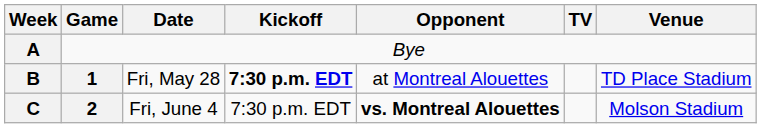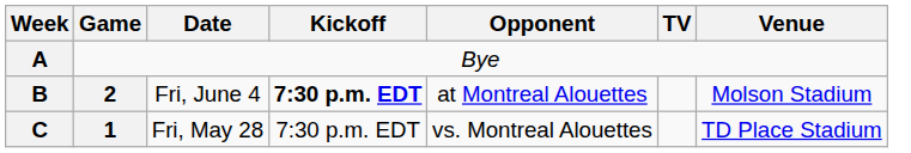 <table class="wikitable" style="font-size: 95%;">
 <tr>
 <th scope="col">Week</th>
 <th scope="col">Game</th>
 <th scope="col">Date</th>
 <th scope="col">Kickoff</th>
 <th scope="col">Opponent</th>
 <th scope="col">TV</th>
 <th scope="col">Venue</th>
 </tr>
 <tr style= bgcolor="ffffff">
 <th align="center">A</th>
 <td colspan=10 align="center" valign="middle"><em>Bye</em></td>
 </tr>
 <tr style= bgcolor="ffffff">
 <th align="center">B</th>
-<th align="center">1</th>
-<td align="center">Fri, May 28</td>
+<th align="center">2</th>
+<td align="center">Fri, June 4</td>
 <td align="center"><strong>7:30 p.m. <a href='#'>EDT</a></strong></td>
 <td align="center">at <a href='#'>Montreal Alouettes</a></td>
 <td align="center"></td>
-<td align="center"><a href='#'>TD Place Stadium</a></td>
+<td align="center"><a href='#'>Molson Stadium</a></td>
 </tr>
 <tr style= bgcolor="ffffff">
 <th align="center">C</th>
-<th align="center">2</th>
-<td align="center">Fri, June 4</td>
+<th align="center">1</th>
+<td align="center">Fri, May 28</td>
 <td align="center">7:30 p.m. EDT</td>
-<td align="center"><strong>vs. Montreal Alouettes</strong></td>
+<td align="center">vs. Montreal Alouettes</td>
 <td align="center"></td>
-<td align="center"><a href='#'>Molson Stadium</a></td>
+<td align="center"><a href='#'>TD Place Stadium</a></td>
 </tr>
 </table>
